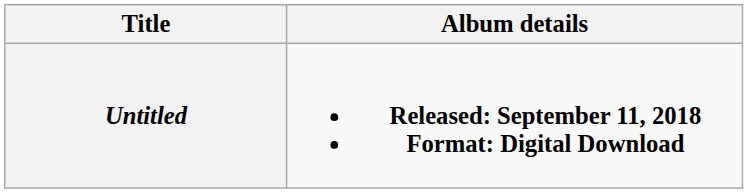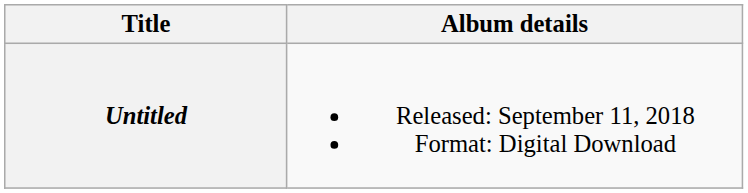 <table class="wikitable plainrowheaders" style="text-align:center;">
 <tr>
 <th scope="col" style="width:11em;">Title</th>
 <th scope="col" style="width:18em;">Album details</th>
 </tr>
 <tr>
 <th scope="row"><em>Untitled</em></th>
-<td><strong><br><ul><li>Released: September 11, 2018</li><li>Format: Digital Download</li></ul></strong></td>
+<td><br><ul><li>Released: September 11, 2018</li><li>Format: Digital Download</li></ul></td>
 </tr>
 </table>
